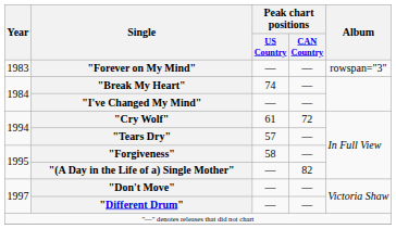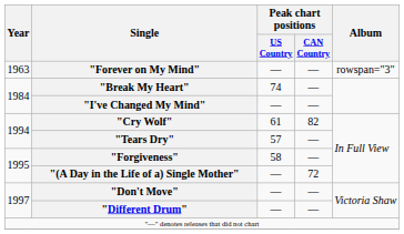 <table class="wikitable plainrowheaders" style="text-align:center;">
 <tr>
 <th rowspan="2">Year</th>
 <th rowspan="2" style="width:20em;">Single</th>
 <th colspan="2">Peak chart<br>positions</th>
 <th rowspan="2">Album</th>
 </tr>
 <tr style="font-size:smaller;">
 <th width="45"><a href='#'>US Country</a></th>
 <th width="45"><a href='#'>CAN Country</a></th>
 </tr>
 <tr>
-<td>1983</td>
+<td>1963</td>
 <th scope="row">"Forever on My Mind"</th>
 <td>—</td>
 <td>—</td>
 <td>rowspan="3" </td>
 </tr>
 <tr>
 <td rowspan="2">1984</td>
 <th scope="row">"Break My Heart"</th>
 <td>74</td>
 <td>—</td>
 </tr>
 <tr>
 <th scope="row">"I've Changed My Mind"</th>
 <td>—</td>
 <td>—</td>
 </tr>
 <tr>
 <td rowspan="2">1994</td>
 <th scope="row">"Cry Wolf"</th>
 <td>61</td>
-<td>72</td>
+<td>82</td>
 <td align="left" rowspan="4"><em>In Full View</em></td>
 </tr>
 <tr>
 <th scope="row">"Tears Dry"</th>
 <td>57</td>
 <td>—</td>
 </tr>
 <tr>
 <td rowspan="2">1995</td>
 <th scope="row">"Forgiveness"</th>
 <td>58</td>
 <td>—</td>
 </tr>
 <tr>
 <th scope="row">"(A Day in the Life of a) Single Mother"</th>
 <td>—</td>
-<td>82</td>
+<td>72</td>
 </tr>
 <tr>
 <td rowspan="2">1997</td>
 <th scope="row">"Don't Move"</th>
 <td>—</td>
 <td>—</td>
 <td align="left" rowspan="2"><em>Victoria Shaw</em></td>
 </tr>
 <tr>
 <th scope="row">"<a href='#'>Different Drum</a>"</th>
 <td>—</td>
 <td>—</td>
 </tr>
 <tr>
 <td colspan="5" style="font-size:8pt">"—" denotes releases that did not chart</td>
 </tr>
 <tr>
 </tr>
 </table>
